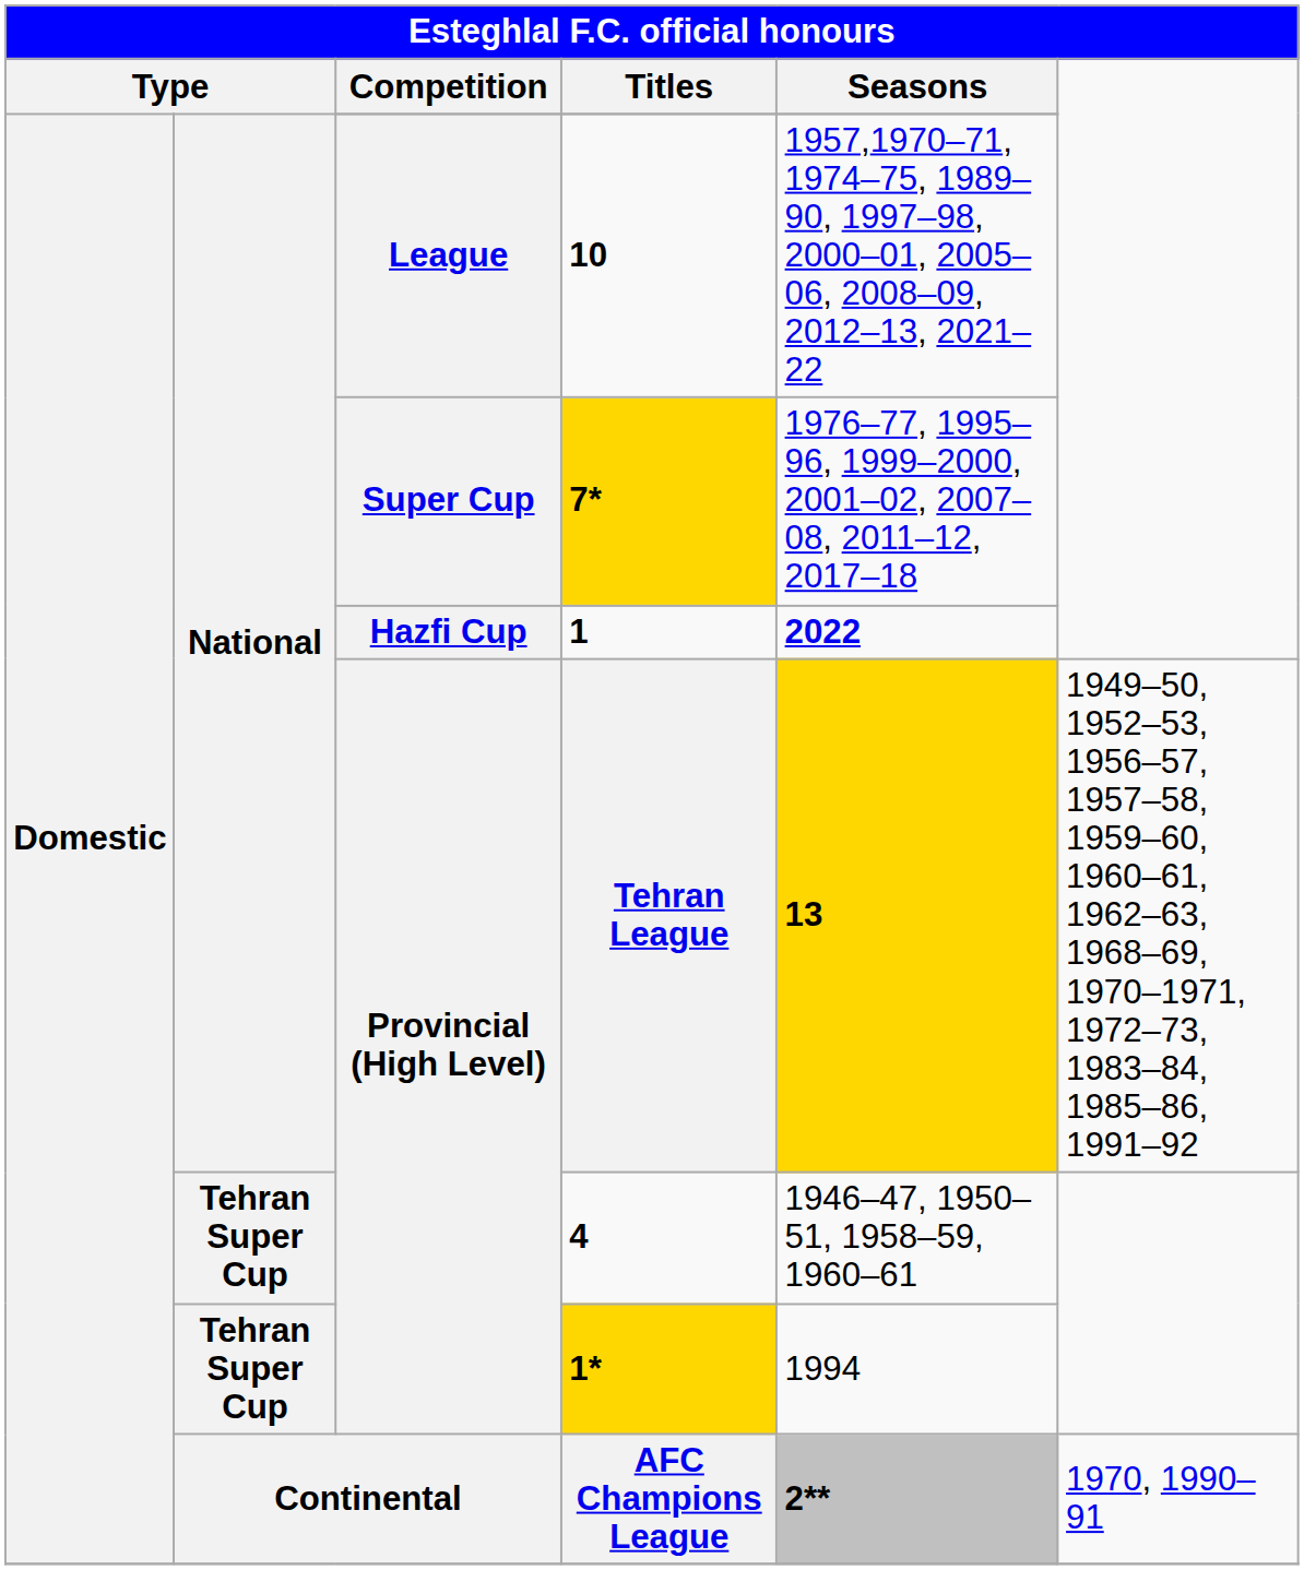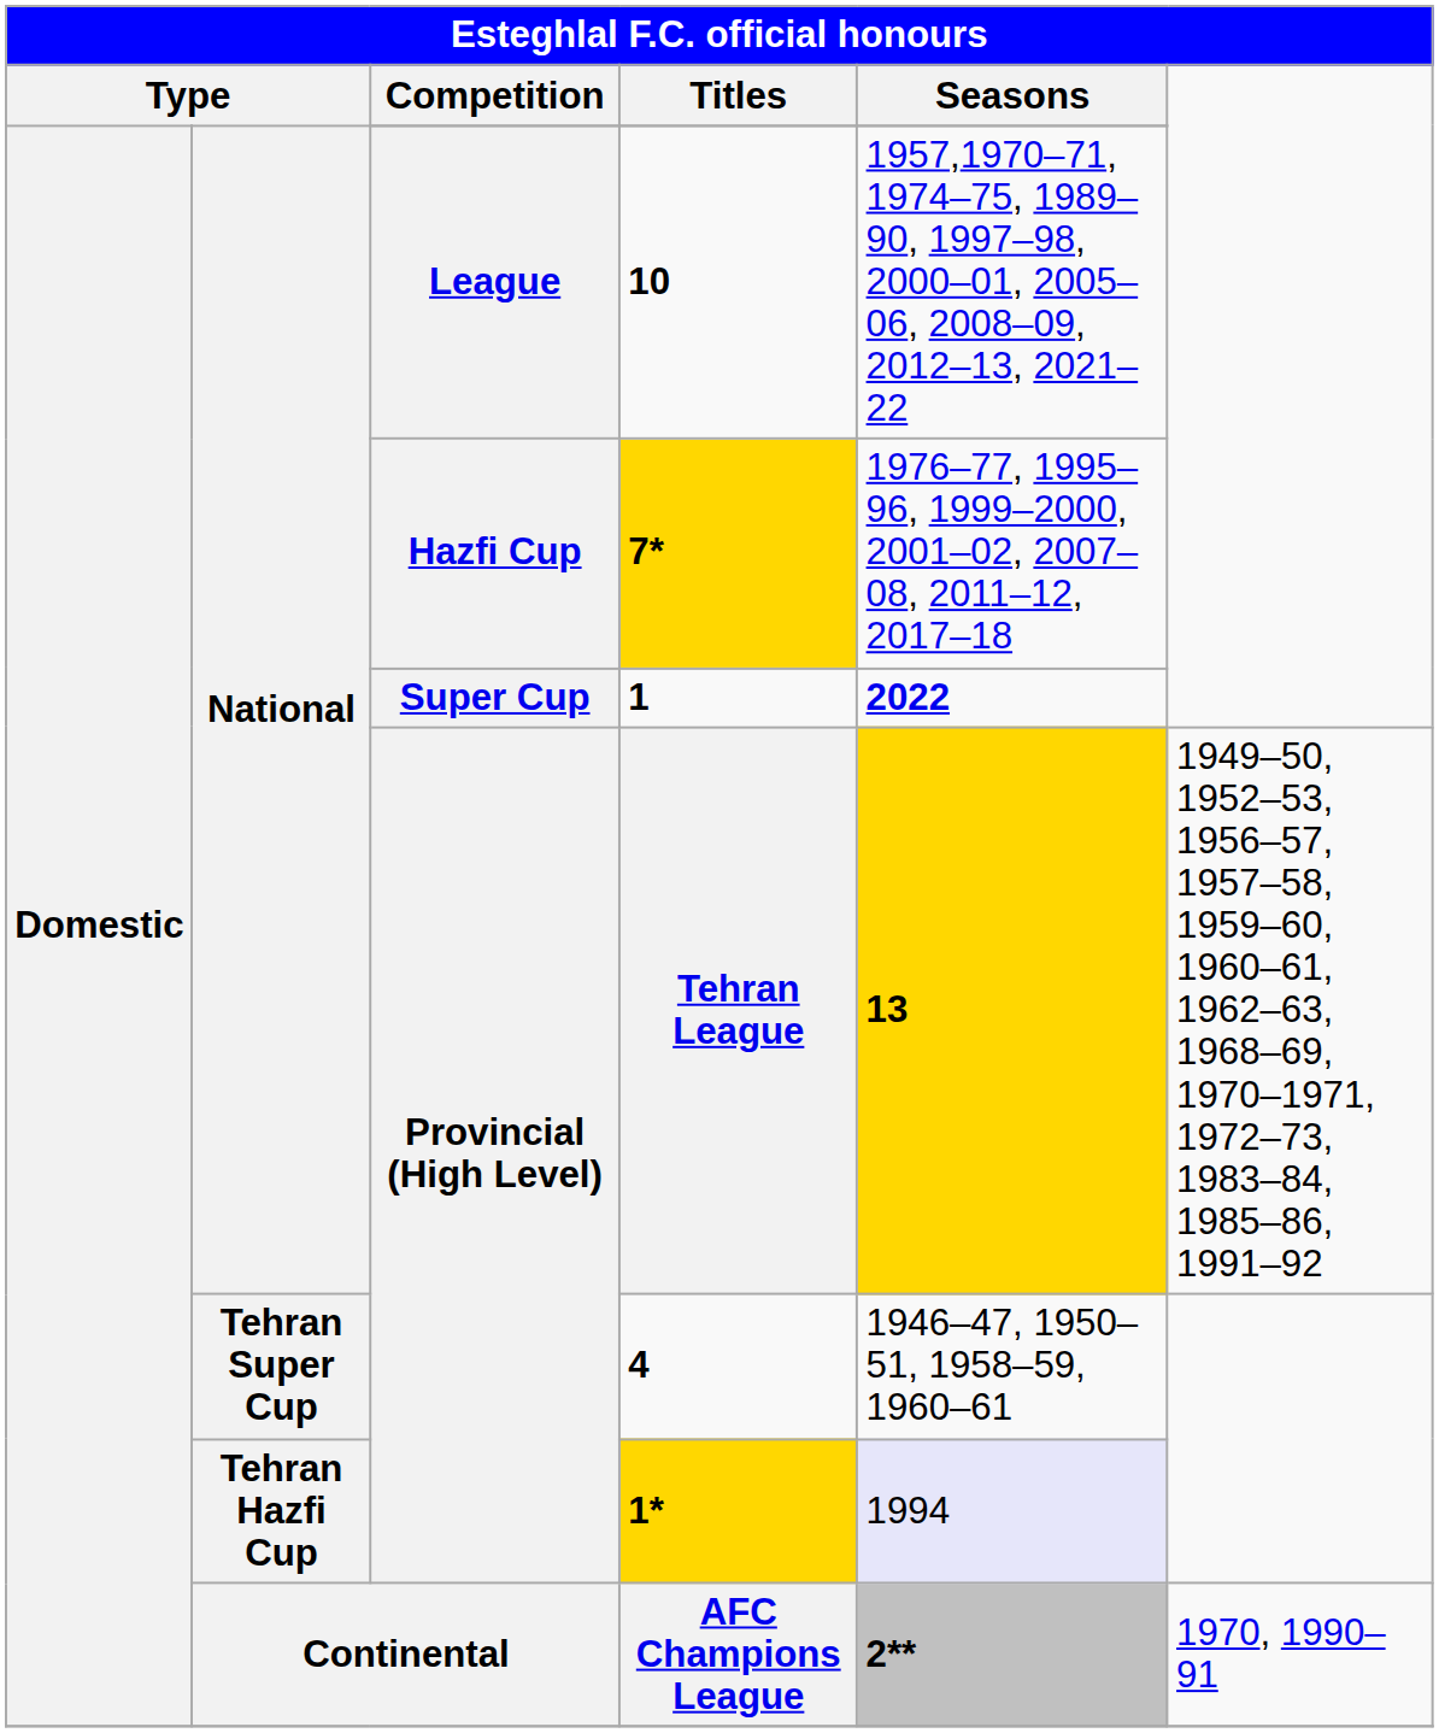 <table class="wikitable">
 <tr>
 <th colspan="6" style="background:#0000FF; color:#FFFFFF; ">Esteghlal F.C. official honours</th>
 </tr>
 <tr>
 <th colspan="2">Type</th>
 <th>Competition</th>
 <th>Titles</th>
 <th>Seasons</th>
 </tr>
 <tr>
 <th rowspan="8">Domestic</th>
 <th rowspan="5">National</th>
 </tr>
 <tr>
 <th><a href='#'>League</a></th>
 <td><strong>10</strong></td>
 <td><a href='#'>1957</a>,<a href='#'>1970–71</a>, <a href='#'>1974–75</a>, <a href='#'>1989–90</a>, <a href='#'>1997–98</a>, <a href='#'>2000–01</a>, <a href='#'>2005–06</a>, <a href='#'>2008–09</a>, <a href='#'>2012–13</a>, <a href='#'>2021–22</a></td>
 </tr>
 <tr>
-<th><a href='#'>Super Cup</a></th>
+<th><a href='#'>Hazfi Cup</a></th>
 <td bgcolor="gold"><strong>7*</strong></td>
 <td><a href='#'>1976–77</a>, <a href='#'>1995–96</a>, <a href='#'>1999–2000</a>, <a href='#'>2001–02</a>, <a href='#'>2007–08</a>, <a href='#'>2011–12</a>, <a href='#'>2017–18</a></td>
 </tr>
 <tr>
-<th><a href='#'>Hazfi Cup</a></th>
+<th><a href='#'>Super Cup</a></th>
 <td><strong>1</strong></td>
 <td><strong><a href='#'>2022</a></strong></td>
 </tr>
 <tr>
 <th rowspan="3">Provincial (High Level)</th>
 <th><a href='#'>Tehran League</a></th>
 <td bgcolor="gold"><strong>13</strong></td>
 <td>1949–50, 1952–53, 1956–57, 1957–58, 1959–60, 1960–61, 1962–63, 1968–69, 1970–1971, 1972–73, 1983–84, 1985–86, 1991–92</td>
 </tr>
 <tr>
 <th>Tehran Super Cup</th>
 <td><strong>4</strong></td>
 <td>1946–47, 1950–51, 1958–59, 1960–61</td>
 </tr>
 <tr>
-<th>Tehran Super Cup</th>
+<th>Tehran Hazfi Cup</th>
 <td bgcolor="gold"><strong>1*</strong></td>
-<td>1994</td>
+<td style="background: lavender;">1994</td>
 </tr>
 <tr>
 <th colspan="2">Continental</th>
 <th><a href='#'>AFC Champions League</a></th>
 <td bgcolor="silver"><strong>2**</strong></td>
 <td><a href='#'>1970</a>, <a href='#'>1990–91</a></td>
 </tr>
 <tr>
 </tr>
 </table>
